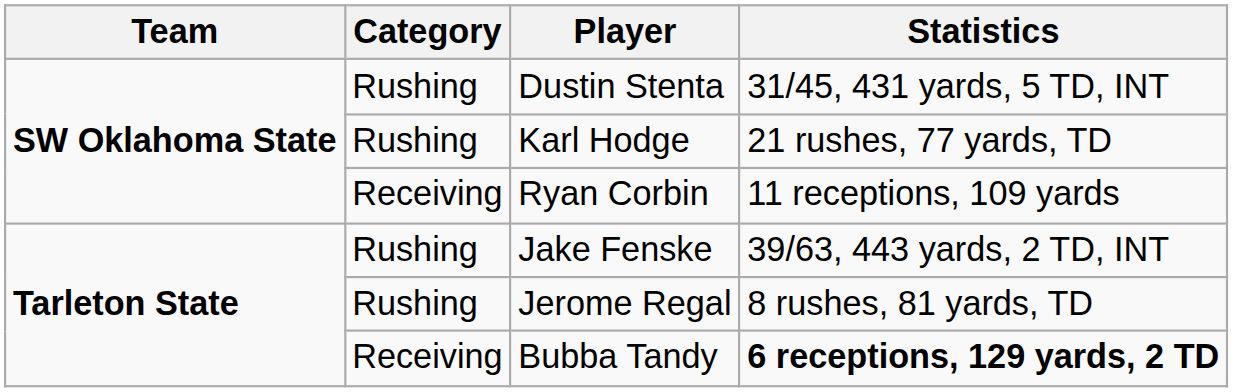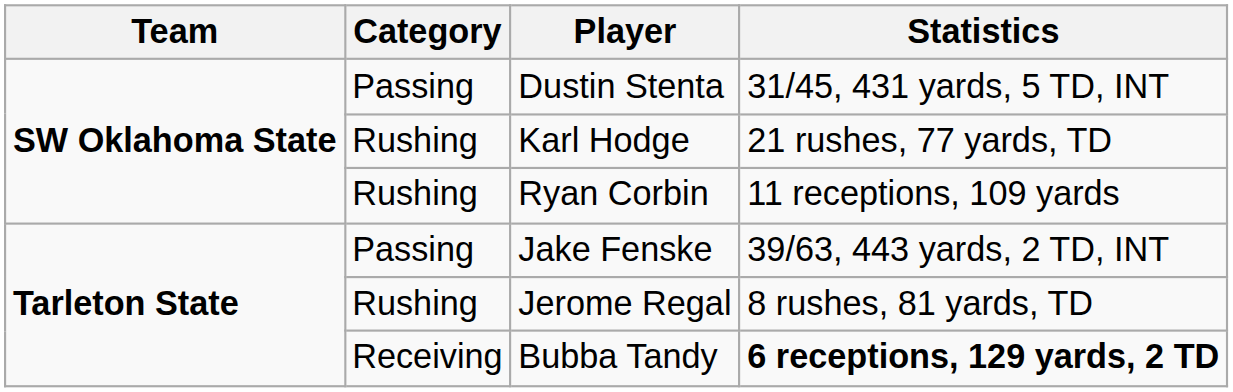 <table class="wikitable" style="float: left;">
 <tr>
 <th>Team</th>
 <th>Category</th>
 <th>Player</th>
 <th>Statistics</th>
 </tr>
 <tr>
 <td rowspan=3><strong>SW Oklahoma State</strong></td>
-<td>Rushing</td>
+<td>Passing</td>
 <td>Dustin Stenta</td>
 <td>31/45, 431 yards, 5 TD, INT</td>
 </tr>
 <tr>
 <td>Rushing</td>
 <td>Karl Hodge</td>
 <td>21 rushes, 77 yards, TD</td>
 </tr>
 <tr>
-<td>Receiving</td>
+<td>Rushing</td>
 <td>Ryan Corbin</td>
 <td>11 receptions, 109 yards</td>
 </tr>
 <tr>
 <td rowspan=3><strong>Tarleton State</strong></td>
-<td>Rushing</td>
+<td>Passing</td>
 <td>Jake Fenske</td>
 <td>39/63, 443 yards, 2 TD, INT</td>
 </tr>
 <tr>
 <td>Rushing</td>
 <td>Jerome Regal</td>
 <td>8 rushes, 81 yards, TD</td>
 </tr>
 <tr>
 <td>Receiving</td>
 <td>Bubba Tandy</td>
 <td><strong>6 receptions, 129 yards, 2 TD</strong></td>
 </tr>
 </table>
